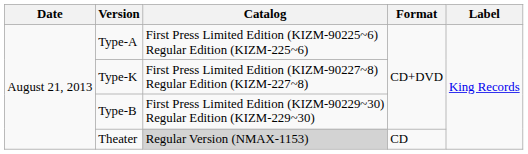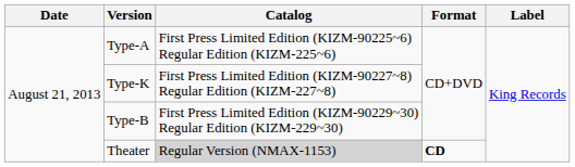 <table class="wikitable plainrowheaders">
 <tr>
 <th scope="col">Date</th>
 <th>Version</th>
 <th>Catalog</th>
 <th>Format</th>
 <th>Label</th>
 </tr>
 <tr>
 <td scope="row" rowspan="4">August 21, 2013</td>
 <td>Type-A</td>
 <td>First Press Limited Edition (KIZM-90225~6)<br>Regular Edition (KIZM-225~6)</td>
 <td scope="row" rowspan="3">CD+DVD</td>
 <td scope="row" rowspan="4"><a href='#'>King Records</a></td>
 </tr>
 <tr>
 <td>Type-K</td>
 <td>First Press Limited Edition (KIZM-90227~8)<br>Regular Edition (KIZM-227~8)</td>
 </tr>
 <tr>
 <td>Type-B</td>
 <td>First Press Limited Edition (KIZM-90229~30)<br>Regular Edition (KIZM-229~30)</td>
 </tr>
 <tr>
 <td>Theater</td>
 <td style="background: lightgrey;">Regular Version (NMAX-1153)</td>
-<td>CD</td>
+<td><strong>CD</strong></td>
 </tr>
 </table>
